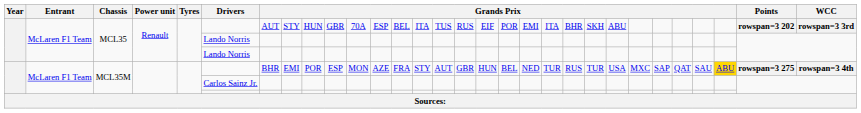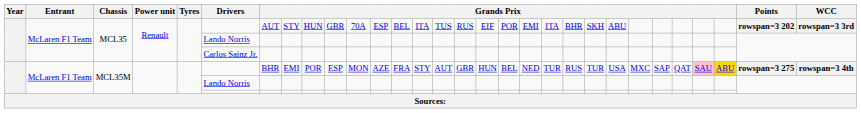 <table class="wikitable" style="text-align:center; font-size:90%">
 <tr>
 <th>Year</th>
 <th>Entrant</th>
 <th>Chassis</th>
 <th>Power unit</th>
 <th>Tyres</th>
 <th>Drivers</th>
 <th colspan="22">Grands Prix</th>
 <th>Points</th>
 <th>WCC</th>
 </tr>
 <tr>
 <th rowspan=3></th>
 <td rowspan=3><a href='#'>McLaren F1 Team</a></td>
 <td rowspan=3>MCL35</td>
 <td rowspan=3><a href='#'>Renault</a><br><br></td>
 <td rowspan=3></td>
 <td></td>
 <td><a href='#'>AUT</a></td>
 <td><a href='#'>STY</a></td>
 <td><a href='#'>HUN</a></td>
 <td><a href='#'>GBR</a></td>
 <td><a href='#'>70A</a></td>
 <td><a href='#'>ESP</a></td>
 <td><a href='#'>BEL</a></td>
 <td><a href='#'>ITA</a></td>
 <td><a href='#'>TUS</a></td>
 <td><a href='#'>RUS</a></td>
 <td><a href='#'>EIF</a></td>
 <td><a href='#'>POR</a></td>
 <td><a href='#'>EMI</a></td>
 <td><a href='#'>ITA</a></td>
 <td><a href='#'>BHR</a></td>
 <td><a href='#'>SKH</a></td>
 <td><a href='#'>ABU</a></td>
 <td></td>
 <td></td>
 <td></td>
 <td></td>
 <td></td>
 <th>rowspan=3  202</th>
 <th>rowspan=3  3rd</th>
 </tr>
 <tr>
 <td align=left> <a href='#'>Lando Norris</a></td>
 <td></td>
 <td></td>
 <td></td>
 <td></td>
 <td></td>
 <td></td>
 <td></td>
 <td></td>
 <td></td>
 <td></td>
 <td></td>
 <td></td>
 <td></td>
 <td></td>
 <td></td>
 <td></td>
 <td></td>
 <td></td>
 <td></td>
 <td></td>
 <td></td>
 <td></td>
 </tr>
 <tr>
-<td align=left> <a href='#'>Lando Norris</a></td>
+<td align=left> <a href='#'>Carlos Sainz Jr.</a></td>
 <td></td>
 <td></td>
 <td></td>
 <td></td>
 <td></td>
 <td></td>
 <td></td>
 <td></td>
 <td></td>
 <td></td>
 <td></td>
 <td></td>
 <td></td>
 <td></td>
 <td></td>
 <td></td>
 <td></td>
 <td></td>
 <td></td>
 <td></td>
 <td></td>
 <td></td>
 </tr>
 <tr>
 <th rowspan=3></th>
 <td rowspan=3><a href='#'>McLaren F1 Team</a></td>
 <td rowspan=3>MCL35M</td>
 <td rowspan=3><br><br></td>
 <td rowspan=3></td>
 <td></td>
 <td><a href='#'>BHR</a></td>
 <td><a href='#'>EMI</a></td>
 <td><a href='#'>POR</a></td>
 <td><a href='#'>ESP</a></td>
 <td><a href='#'>MON</a></td>
 <td><a href='#'>AZE</a></td>
 <td><a href='#'>FRA</a></td>
 <td><a href='#'>STY</a></td>
 <td><a href='#'>AUT</a></td>
 <td><a href='#'>GBR</a></td>
 <td><a href='#'>HUN</a></td>
 <td><a href='#'>BEL</a></td>
 <td><a href='#'>NED</a></td>
 <td><a href='#'>TUR</a></td>
 <td><a href='#'>RUS</a></td>
 <td><a href='#'>TUR</a></td>
 <td><a href='#'>USA</a></td>
 <td><a href='#'>MXC</a></td>
 <td><a href='#'>SAP</a></td>
 <td><a href='#'>QAT</a></td>
-<td><a href='#'>SAU</a></td>
+<td style="background: pink;"><a href='#'>SAU</a></td>
 <td style="background: gold;"><a href='#'>ABU</a></td>
 <th>rowspan=3  275</th>
 <th>rowspan=3  4th</th>
 </tr>
 <tr>
-<td align=left> <a href='#'>Carlos Sainz Jr.</a></td>
+<td align=left> <a href='#'>Lando Norris</a></td>
 <td></td>
 <td></td>
 <td></td>
 <td></td>
 <td></td>
 <td></td>
 <td></td>
 <td></td>
 <td></td>
 <td></td>
 <td></td>
 <td></td>
 <td></td>
 <td></td>
 <td></td>
 <td></td>
 <td></td>
 <td></td>
 <td></td>
 <td></td>
 <td></td>
 <td></td>
 </tr>
 <tr>
 <td align=left></td>
 <td></td>
 <td></td>
 <td></td>
 <td></td>
 <td></td>
 <td></td>
 <td></td>
 <td></td>
 <td></td>
 <td></td>
 <td></td>
 <td></td>
 <td></td>
 <td></td>
 <td></td>
 <td></td>
 <td></td>
 <td></td>
 <td></td>
 <td></td>
 <td></td>
 <td></td>
 </tr>
 <tr>
 <th colspan="30">Sources:</th>
 </tr>
 </table>
